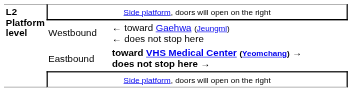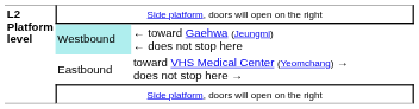 <table table border=0 cellspacing=0 cellpadding=3>
 <tr>
 <td style="border-top:solid 1px gray;border-bottom:solid 1px gray;" width=50 rowspan=10 valign=top><strong>L2<br>Platform level</strong></td>
 <td style="border-top:solid 1px gray;border-right:solid 2px black;border-left:solid 2px black;border-bottom:solid 2px black;text-align:center;" colspan=2><small><a href='#'>Side platform</a>, doors will open on the right </small></td>
 </tr>
 <tr>
-<td style="border-bottom:solid 0px gray;border-top:solid 1px gray;" width=100>Westbound</td>
+<td style="background: paleturquoise; border-bottom:solid 0px gray;border-top:solid 1px gray;" width=100>Westbound</td>
 <td style="border-bottom:solid 0px gray;border-top:solid 1px gray;" width=390>←  toward <a href='#'>Gaehwa</a> <small>(<a href='#'>Jeungmi</a>)</small><br>← <span> does not stop here</span></td>
 </tr>
 <tr>
 <td>Eastbound</td>
-<td><strong>  toward <a href='#'>VHS Medical Center</a> <small>(<a href='#'>Yeomchang</a>)</small> →<br>  does not stop here →</strong></td>
+<td>  toward <a href='#'>VHS Medical Center</a> <small>(<a href='#'>Yeomchang</a>)</small> →<br>  does not stop here →</td>
 </tr>
 <tr>
 <td style="border-top:solid 2px black;border-right:solid 2px black;border-left:solid 2px black;border-bottom:solid 1px gray;text-align:center;" colspan=2><small><a href='#'>Side platform</a>, doors will open on the right </small></td>
 </tr>
 </table>
